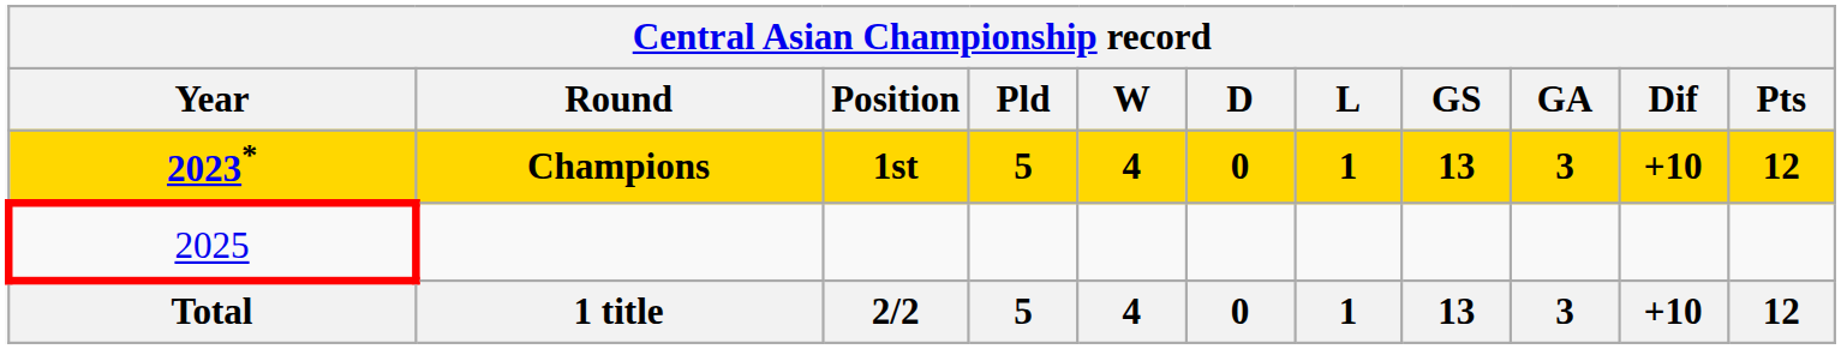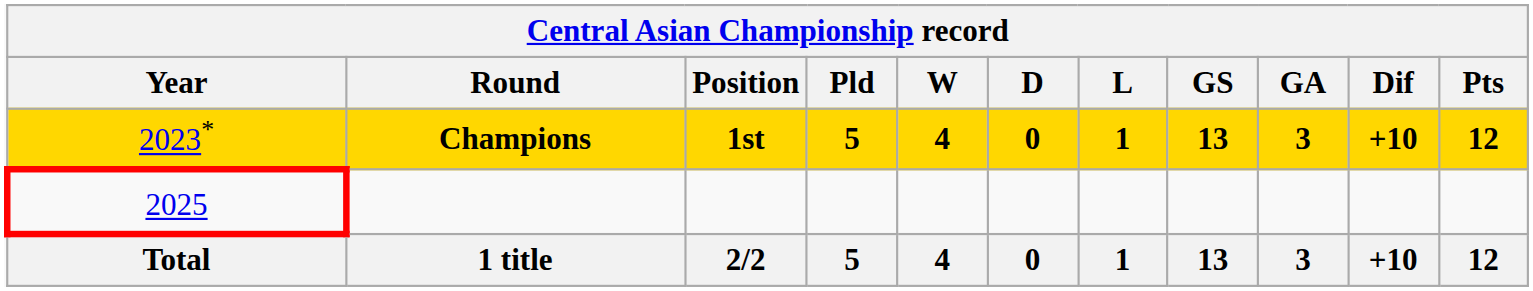 <table class="wikitable" style="text-align: center;font-size:90%;">
 <tr>
 <th colspan=11><a href='#'>Central Asian Championship</a> record</th>
 </tr>
 <tr>
 <th width=150>Year</th>
 <th width=150>Round</th>
 <th width=50>Position</th>
 <th width=35>Pld</th>
 <th width=35>W</th>
 <th width=35>D</th>
 <th width=35>L</th>
 <th width=35>GS</th>
 <th width=35>GA</th>
 <th width=35>Dif</th>
 <th width=35>Pts</th>
 </tr>
 <tr bgcolor=gold>
-<td><strong> <a href='#'>2023</a><sup>*</sup></strong></td>
+<td> <a href='#'>2023</a><sup>*</sup></td>
 <td><strong>Champions</strong></td>
 <td><strong>1st</strong></td>
 <td><strong>5</strong></td>
 <td><strong>4</strong></td>
 <td><strong>0</strong></td>
 <td><strong>1</strong></td>
 <td><strong>13</strong></td>
 <td><strong>3</strong></td>
 <td><strong>+10</strong></td>
 <td><strong>12</strong></td>
 </tr>
 <tr>
 <td style="border: 3px solid red"> <a href='#'>2025</a><sup></sup></td>
 <td><strong> </strong></td>
 <td><strong> </strong></td>
 <td><strong> </strong></td>
 <td><strong> </strong></td>
 <td><strong> </strong></td>
 <td><strong> </strong></td>
 <td><strong> </strong></td>
 <td><strong> </strong></td>
 <td><strong> </strong></td>
 <td><strong> </strong></td>
 </tr>
 <tr>
 <th><strong>Total</strong></th>
 <th>1 title</th>
 <th>2/2</th>
 <th>5</th>
 <th>4</th>
 <th>0</th>
 <th>1</th>
 <th>13</th>
 <th>3</th>
 <th>+10</th>
 <th>12</th>
 </tr>
 </table>
